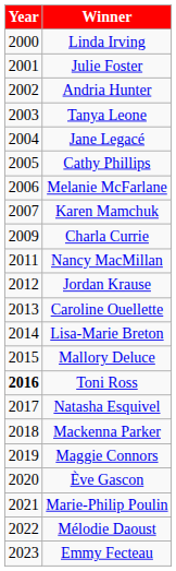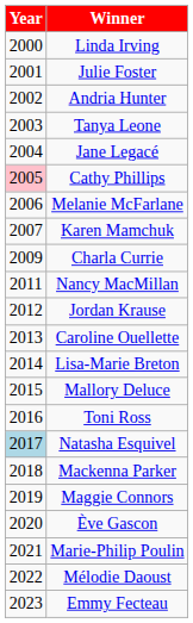 <table class="wikitable" style="text-align:center">
 <tr style="background:red; color:#fff;">
 <td><strong>Year</strong></td>
 <td><strong>Winner</strong></td>
 </tr>
 <tr>
 <td>2000</td>
 <td><a href='#'>Linda Irving</a></td>
 </tr>
 <tr>
 <td>2001</td>
 <td><a href='#'>Julie Foster</a></td>
 </tr>
 <tr>
 <td>2002</td>
 <td><a href='#'>Andria Hunter</a></td>
 </tr>
 <tr>
 <td>2003</td>
 <td><a href='#'>Tanya Leone</a></td>
 </tr>
 <tr>
 <td>2004</td>
 <td><a href='#'>Jane Legacé</a></td>
 </tr>
 <tr>
-<td>2005</td>
+<td style="background: pink;">2005</td>
 <td><a href='#'>Cathy Phillips</a></td>
 </tr>
 <tr>
 <td>2006</td>
 <td><a href='#'>Melanie McFarlane</a></td>
 </tr>
 <tr>
 <td>2007</td>
 <td><a href='#'>Karen Mamchuk</a></td>
 </tr>
 <tr>
 <td>2009</td>
 <td><a href='#'>Charla Currie</a></td>
 </tr>
 <tr>
 <td>2011</td>
 <td><a href='#'>Nancy MacMillan</a></td>
 </tr>
 <tr>
 <td>2012</td>
 <td><a href='#'>Jordan Krause</a></td>
 </tr>
 <tr>
 <td>2013</td>
 <td><a href='#'>Caroline Ouellette</a></td>
 </tr>
 <tr>
 <td>2014</td>
 <td><a href='#'>Lisa-Marie Breton</a></td>
 </tr>
 <tr>
 <td>2015</td>
 <td><a href='#'>Mallory Deluce</a></td>
 </tr>
 <tr>
-<td><strong>2016</strong></td>
+<td>2016</td>
 <td><a href='#'>Toni Ross</a></td>
 </tr>
 <tr>
-<td>2017</td>
+<td style="background: lightblue;">2017</td>
 <td><a href='#'>Natasha Esquivel</a></td>
 </tr>
 <tr>
 <td>2018</td>
 <td><a href='#'>Mackenna Parker</a></td>
 </tr>
 <tr>
 <td>2019</td>
 <td><a href='#'>Maggie Connors</a></td>
 </tr>
 <tr>
 <td>2020</td>
 <td><a href='#'>Ève Gascon</a></td>
 </tr>
 <tr>
 <td>2021</td>
 <td><a href='#'>Marie-Philip Poulin</a></td>
 </tr>
 <tr>
 <td>2022</td>
 <td><a href='#'>Mélodie Daoust</a></td>
 </tr>
 <tr>
 <td>2023</td>
 <td><a href='#'>Emmy Fecteau</a></td>
 </tr>
 </table>
